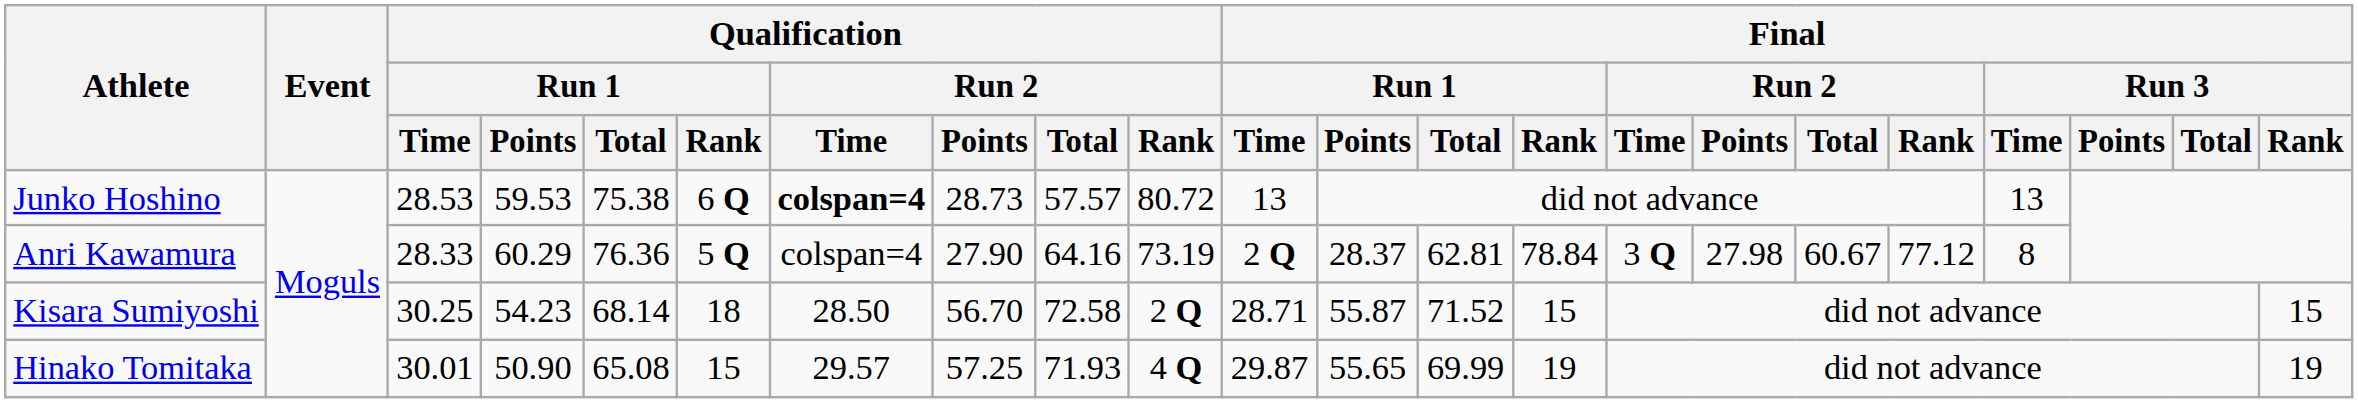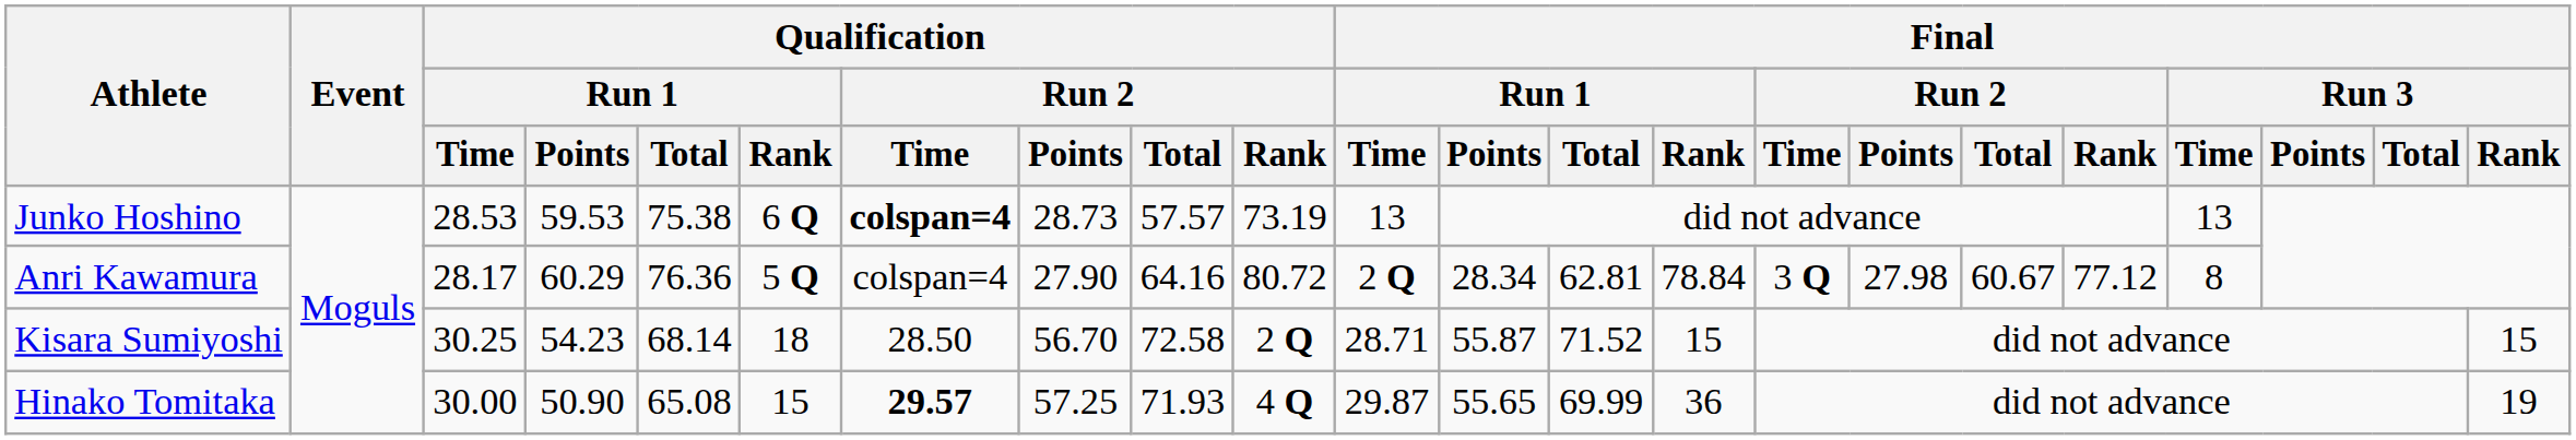 <table class=wikitable style=font-size:90%;text-align:center>
 <tr>
 <th rowspan=3>Athlete</th>
 <th rowspan=3>Event</th>
 <th colspan=8>Qualification</th>
 <th colspan=12>Final</th>
 </tr>
 <tr style=font-size:95%>
 <th colspan=4>Run 1</th>
 <th colspan=4>Run 2</th>
 <th colspan=4>Run 1</th>
 <th colspan=4>Run 2</th>
 <th colspan=4>Run 3</th>
 </tr>
 <tr style=font-size:95%>
 <th>Time</th>
 <th>Points</th>
 <th>Total</th>
 <th>Rank</th>
 <th>Time</th>
 <th>Points</th>
 <th>Total</th>
 <th>Rank</th>
 <th>Time</th>
 <th>Points</th>
 <th>Total</th>
 <th>Rank</th>
 <th>Time</th>
 <th>Points</th>
 <th>Total</th>
 <th>Rank</th>
 <th>Time</th>
 <th>Points</th>
 <th>Total</th>
 <th>Rank</th>
 </tr>
 <tr>
 <td align=left><a href='#'>Junko Hoshino</a></td>
 <td align=left rowspan=4><a href='#'>Moguls</a></td>
 <td>28.53</td>
 <td>59.53</td>
 <td>75.38</td>
 <td>6 <strong>Q</strong></td>
 <td><strong>colspan=4 </strong></td>
 <td>28.73</td>
 <td>57.57</td>
-<td>80.72</td>
+<td>73.19</td>
 <td>13</td>
 <td colspan=7>did not advance</td>
 <td>13</td>
 </tr>
 <tr>
 <td align=left><a href='#'>Anri Kawamura</a></td>
-<td>28.33</td>
+<td>28.17</td>
 <td>60.29</td>
 <td>76.36</td>
 <td>5 <strong>Q</strong></td>
 <td>colspan=4 </td>
 <td>27.90</td>
 <td>64.16</td>
-<td>73.19</td>
+<td>80.72</td>
 <td>2 <strong>Q</strong></td>
-<td>28.37</td>
+<td>28.34</td>
 <td>62.81</td>
 <td>78.84</td>
 <td>3 <strong>Q</strong></td>
 <td>27.98</td>
 <td>60.67</td>
 <td>77.12</td>
 <td>8</td>
 </tr>
 <tr>
 <td align=left><a href='#'>Kisara Sumiyoshi</a></td>
 <td>30.25</td>
 <td>54.23</td>
 <td>68.14</td>
 <td>18</td>
 <td>28.50</td>
 <td>56.70</td>
 <td>72.58</td>
 <td>2 <strong>Q</strong></td>
 <td>28.71</td>
 <td>55.87</td>
 <td>71.52</td>
 <td>15</td>
 <td colspan=7>did not advance</td>
 <td>15</td>
 </tr>
 <tr>
 <td align=left><a href='#'>Hinako Tomitaka</a></td>
-<td>30.01</td>
+<td>30.00</td>
 <td>50.90</td>
 <td>65.08</td>
 <td>15</td>
-<td>29.57</td>
+<td><strong>29.57</strong></td>
 <td>57.25</td>
 <td>71.93</td>
 <td>4 <strong>Q</strong></td>
 <td>29.87</td>
 <td>55.65</td>
 <td>69.99</td>
-<td>19</td>
+<td>36</td>
 <td colspan=7>did not advance</td>
 <td>19</td>
 </tr>
 </table>
